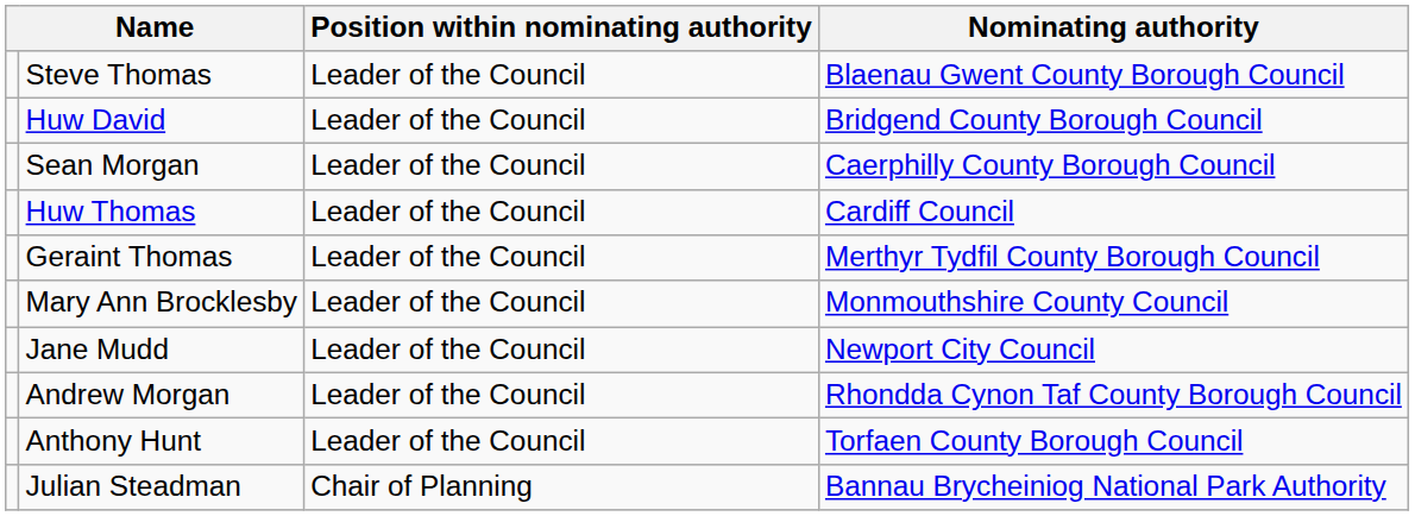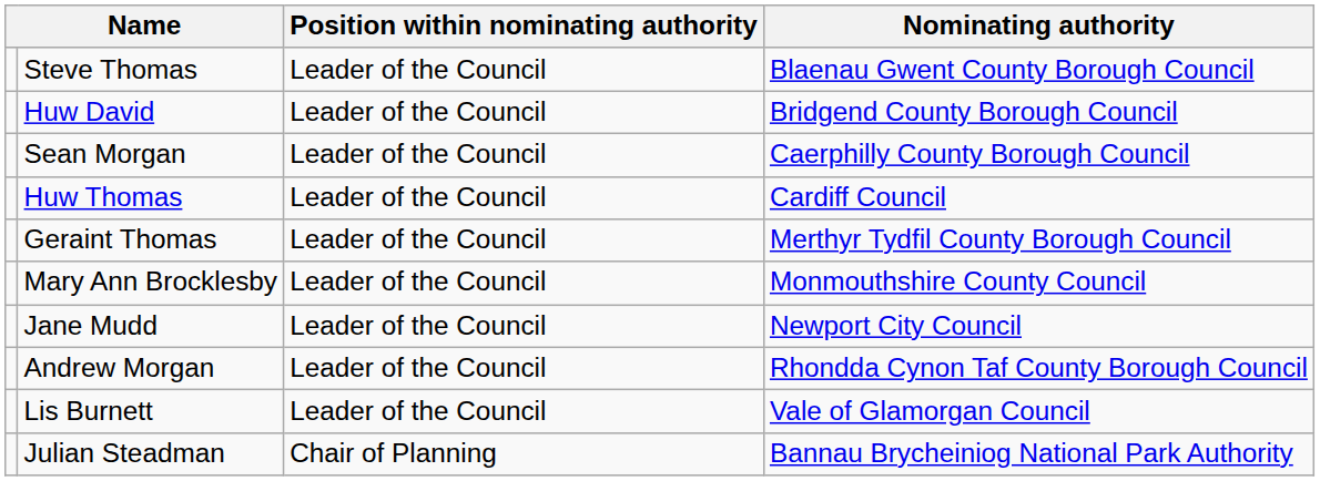 <table class="wikitable sortable">
 <tr>
 <th colspan=2>Name</th>
 <th>Position within nominating authority</th>
 <th>Nominating authority</th>
 </tr>
 <tr>
 <td style="background:"></td>
 <td>Steve Thomas</td>
 <td>Leader of the Council</td>
 <td><a href='#'>Blaenau Gwent County Borough Council</a></td>
 </tr>
 <tr>
 <td style="background:"></td>
 <td><a href='#'>Huw David</a></td>
 <td>Leader of the Council</td>
 <td><a href='#'>Bridgend County Borough Council</a></td>
 </tr>
 <tr>
 <td style="background:"></td>
 <td>Sean Morgan</td>
 <td>Leader of the Council</td>
 <td><a href='#'>Caerphilly County Borough Council</a></td>
 </tr>
 <tr>
 <td style="background:"></td>
 <td><a href='#'>Huw Thomas</a></td>
 <td>Leader of the Council</td>
 <td><a href='#'>Cardiff Council</a></td>
 </tr>
 <tr>
 <td style="background:"></td>
 <td>Geraint Thomas</td>
 <td>Leader of the Council</td>
 <td><a href='#'>Merthyr Tydfil County Borough Council</a></td>
 </tr>
 <tr>
 <td style="background:"></td>
 <td>Mary Ann Brocklesby</td>
 <td>Leader of the Council</td>
 <td><a href='#'>Monmouthshire County Council</a></td>
 </tr>
 <tr>
 <td style="background:"></td>
 <td>Jane Mudd</td>
 <td>Leader of the Council</td>
 <td><a href='#'>Newport City Council</a></td>
 </tr>
 <tr>
 <td style="background:"></td>
 <td>Andrew Morgan</td>
 <td>Leader of the Council</td>
 <td><a href='#'>Rhondda Cynon Taf County Borough Council</a></td>
 </tr>
 <tr>
 <td style="background:"></td>
-<td>Anthony Hunt</td>
+<td>Lis Burnett</td>
 <td>Leader of the Council</td>
-<td><a href='#'>Torfaen County Borough Council</a></td>
+<td><a href='#'>Vale of Glamorgan Council</a></td>
 </tr>
 <tr>
 <td style="background:"></td>
 <td>Julian Steadman</td>
 <td>Chair of Planning</td>
 <td><a href='#'>Bannau Brycheiniog National Park Authority</a></td>
 </tr>
 </table>
